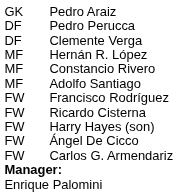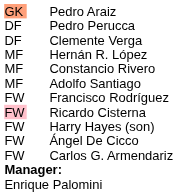 <table cellspacing="0" cellpadding="0" style="font-size:90%; margin:0.2em auto;">
 <tr>
 <th width="25"></th>
 <th width="25"></th>
 </tr>
 <tr>
-<td>GK</td>
+<td style="background: lightsalmon;">GK</td>
 <td></td>
 <td> Pedro Araiz</td>
 </tr>
 <tr>
 <td>DF</td>
 <td></td>
 <td> Pedro Perucca</td>
 </tr>
 <tr>
 <td>DF</td>
 <td></td>
 <td> Clemente Verga</td>
 </tr>
 <tr>
 <td>MF</td>
 <td></td>
 <td> Hernán R. López</td>
 </tr>
 <tr>
 <td>MF</td>
 <td></td>
 <td> Constancio Rivero</td>
 </tr>
 <tr>
 <td>MF</td>
 <td></td>
 <td> Adolfo Santiago</td>
 </tr>
 <tr>
 <td>FW</td>
 <td></td>
 <td> Francisco Rodríguez</td>
 </tr>
 <tr>
-<td>FW</td>
+<td style="background: pink;">FW</td>
 <td></td>
 <td> Ricardo Cisterna</td>
 </tr>
 <tr>
 <td>FW</td>
 <td></td>
 <td> Harry Hayes (son)</td>
 </tr>
 <tr>
 <td>FW</td>
 <td></td>
 <td> Ángel De Cicco</td>
 </tr>
 <tr>
 <td>FW</td>
 <td></td>
 <td> Carlos G. Armendariz</td>
 </tr>
 <tr>
 <td colspan=3><strong>Manager:</strong></td>
 </tr>
 <tr>
 <td colspan=4> Enrique Palomini</td>
 </tr>
 </table>
